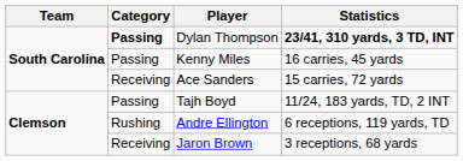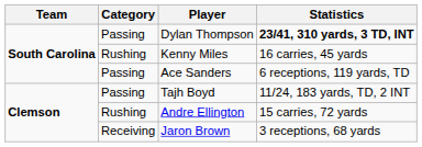 <table class="wikitable" style="float: right;">
 <tr>
 <th>Team</th>
 <th>Category</th>
 <th>Player</th>
 <th>Statistics</th>
 </tr>
 <tr>
 <td rowspan=3><strong>South Carolina</strong></td>
-<td><strong>Passing</strong></td>
+<td>Passing</td>
 <td>Dylan Thompson</td>
 <td><strong>23/41, 310 yards, 3 TD, INT</strong></td>
 </tr>
 <tr>
-<td>Passing</td>
+<td>Rushing</td>
 <td>Kenny Miles</td>
 <td>16 carries, 45 yards</td>
 </tr>
 <tr>
-<td>Receiving</td>
+<td>Passing</td>
 <td>Ace Sanders</td>
-<td>15 carries, 72 yards</td>
+<td>6 receptions, 119 yards, TD</td>
 </tr>
 <tr>
 <td rowspan=3><strong>Clemson</strong></td>
 <td>Passing</td>
 <td>Tajh Boyd</td>
 <td>11/24, 183 yards, TD, 2 INT</td>
 </tr>
 <tr>
 <td>Rushing</td>
 <td><a href='#'>Andre Ellington</a></td>
-<td>6 receptions, 119 yards, TD</td>
+<td>15 carries, 72 yards</td>
 </tr>
 <tr>
 <td>Receiving</td>
 <td><a href='#'>Jaron Brown</a></td>
 <td>3 receptions, 68 yards</td>
 </tr>
 </table>
